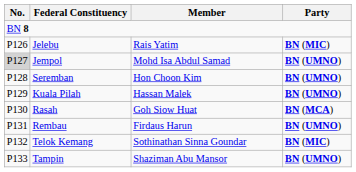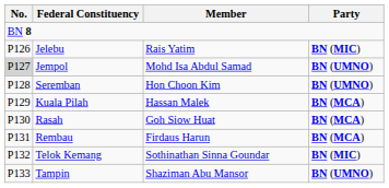 <table class="wikitable sortable">
 <tr>
 <th style="width:30px;">No.</th>
 <th style="width:150px;">Federal Constituency</th>
 <th style="width:230px;">Member</th>
 <th style="width:100px;">Party</th>
 </tr>
 <tr>
 <td colspan="4"><a href='#'>BN</a> <strong>8</strong></td>
 </tr>
 <tr>
 <td>P126</td>
 <td><a href='#'>Jelebu</a></td>
 <td><a href='#'>Rais Yatim</a></td>
 <td><strong><a href='#'>BN</a></strong> (<strong><a href='#'>MIC</a></strong>)</td>
 </tr>
 <tr>
 <td style="background: lightgrey;">P127</td>
 <td><a href='#'>Jempol</a></td>
 <td><a href='#'>Mohd Isa Abdul Samad</a></td>
 <td><strong><a href='#'>BN</a></strong> (<strong><a href='#'>UMNO</a></strong>)</td>
 </tr>
 <tr>
 <td>P128</td>
 <td><a href='#'>Seremban</a></td>
 <td><a href='#'>Hon Choon Kim</a></td>
 <td><strong><a href='#'>BN</a></strong> (<strong><a href='#'>UMNO</a></strong>)</td>
 </tr>
 <tr>
 <td>P129</td>
 <td><a href='#'>Kuala Pilah</a></td>
 <td><a href='#'>Hassan Malek</a></td>
-<td><strong><a href='#'>BN</a></strong> (<strong><a href='#'>UMNO</a></strong>)</td>
+<td><strong><a href='#'>BN</a></strong> (<strong><a href='#'>MCA</a></strong>)</td>
 </tr>
 <tr>
 <td>P130</td>
 <td><a href='#'>Rasah</a></td>
 <td><a href='#'>Goh Siow Huat</a></td>
 <td><strong><a href='#'>BN</a></strong> (<strong><a href='#'>MCA</a></strong>)</td>
 </tr>
 <tr>
 <td>P131</td>
 <td><a href='#'>Rembau</a></td>
 <td><a href='#'>Firdaus Harun</a></td>
-<td><strong><a href='#'>BN</a></strong> (<strong><a href='#'>UMNO</a></strong>)</td>
+<td><strong><a href='#'>BN</a></strong> (<strong><a href='#'>MCA</a></strong>)</td>
 </tr>
 <tr>
 <td>P132</td>
 <td><a href='#'>Telok Kemang</a></td>
 <td><a href='#'>Sothinathan Sinna Goundar</a></td>
 <td><strong><a href='#'>BN</a></strong> (<strong><a href='#'>MIC</a></strong>)</td>
 </tr>
 <tr>
 <td>P133</td>
 <td><a href='#'>Tampin</a></td>
 <td><a href='#'>Shaziman Abu Mansor</a></td>
 <td><strong><a href='#'>BN</a></strong> (<strong><a href='#'>UMNO</a></strong>)</td>
 </tr>
 </table>
